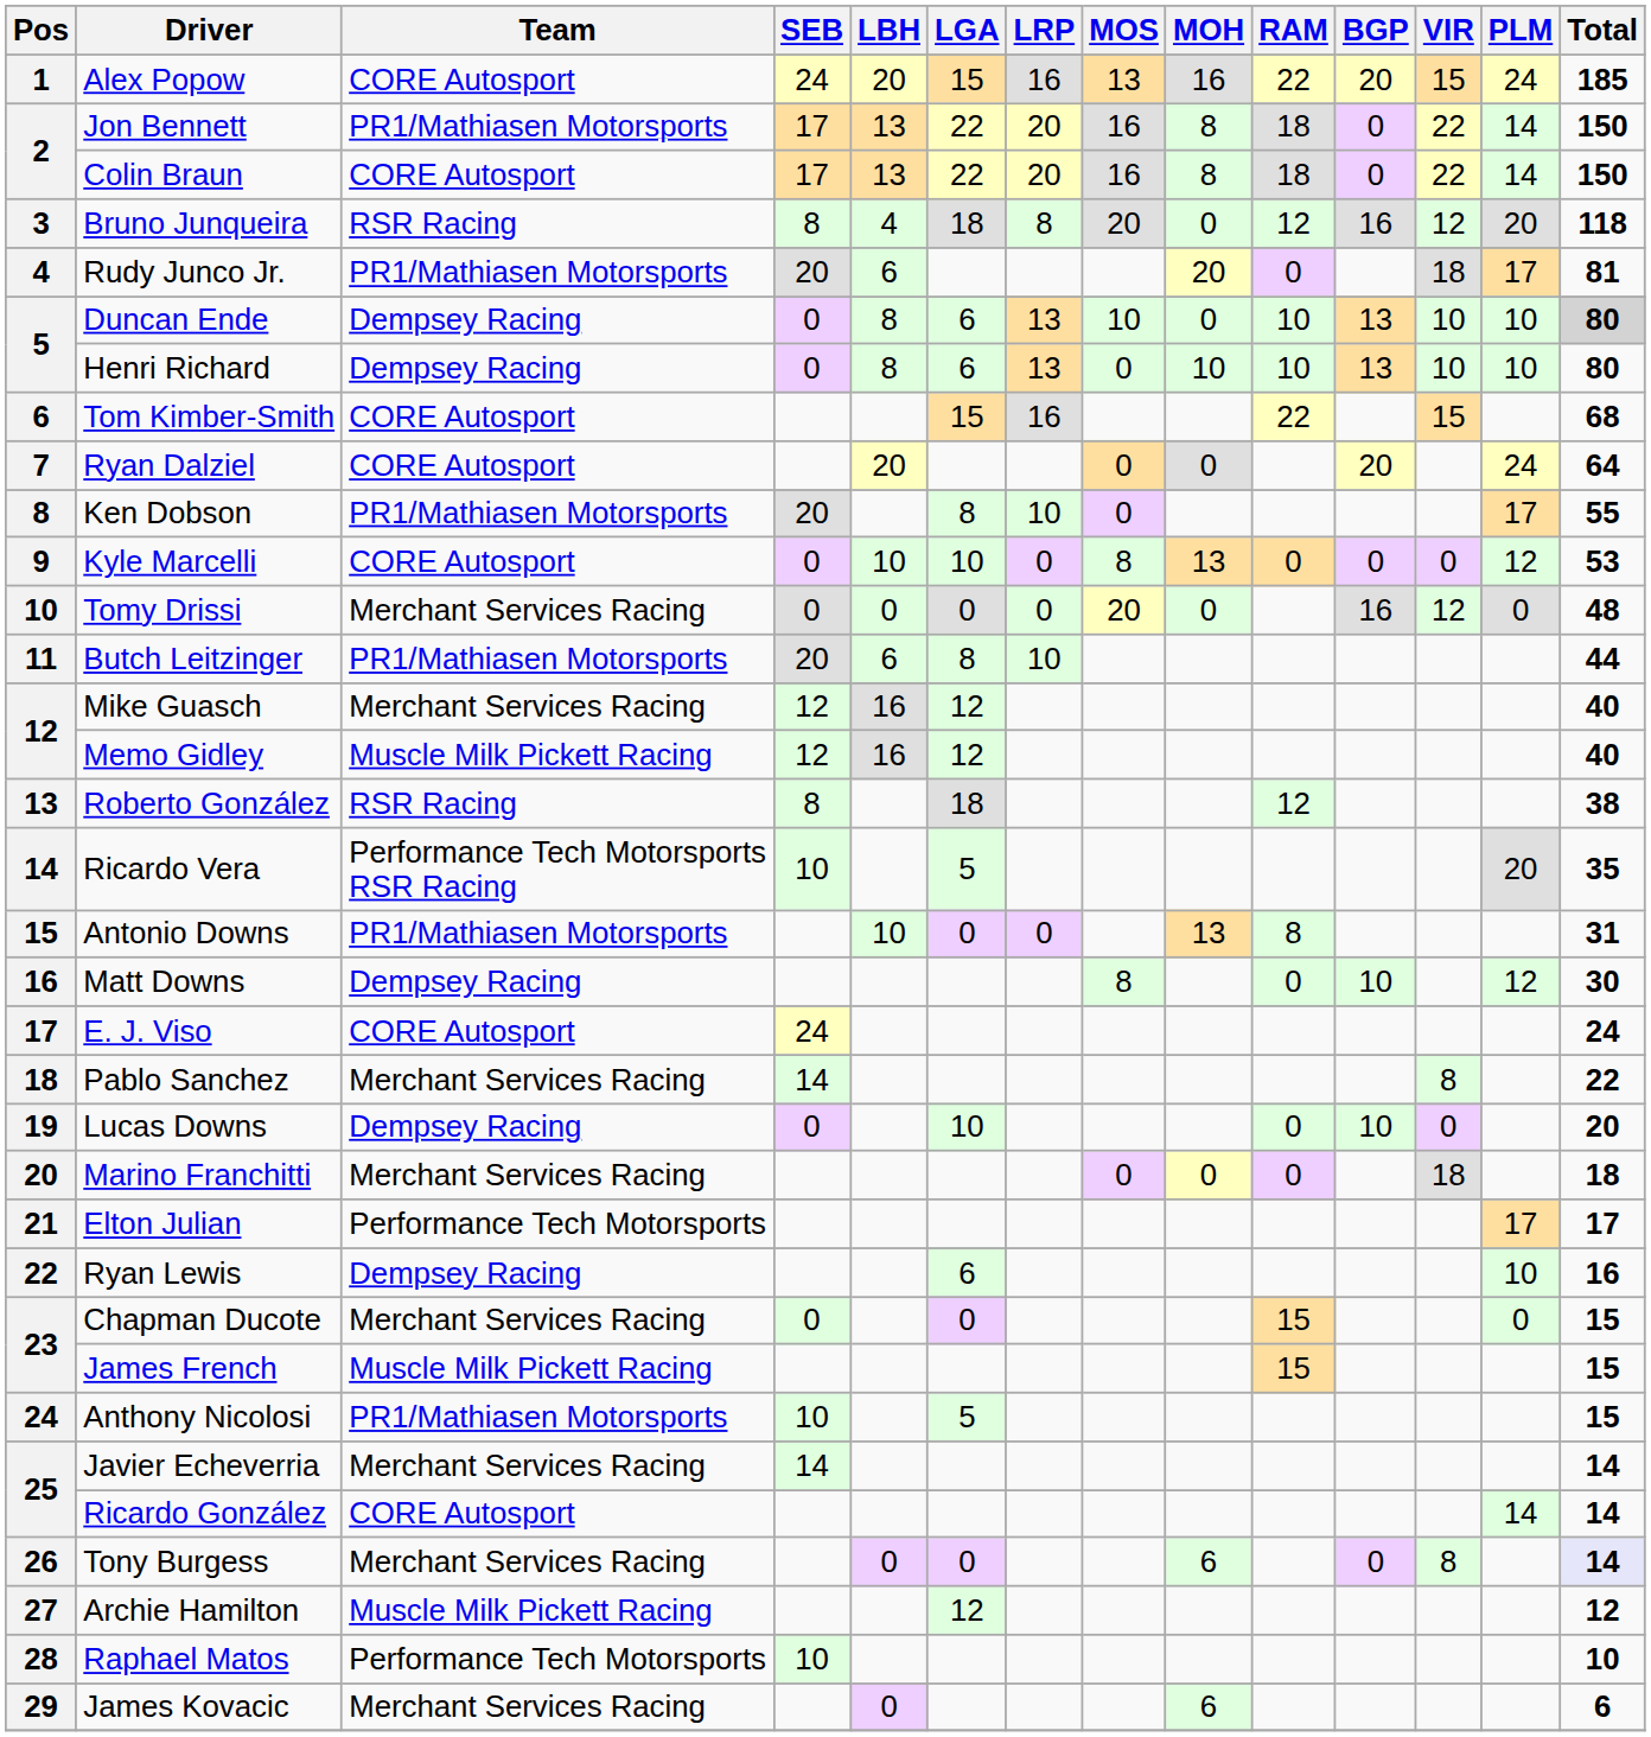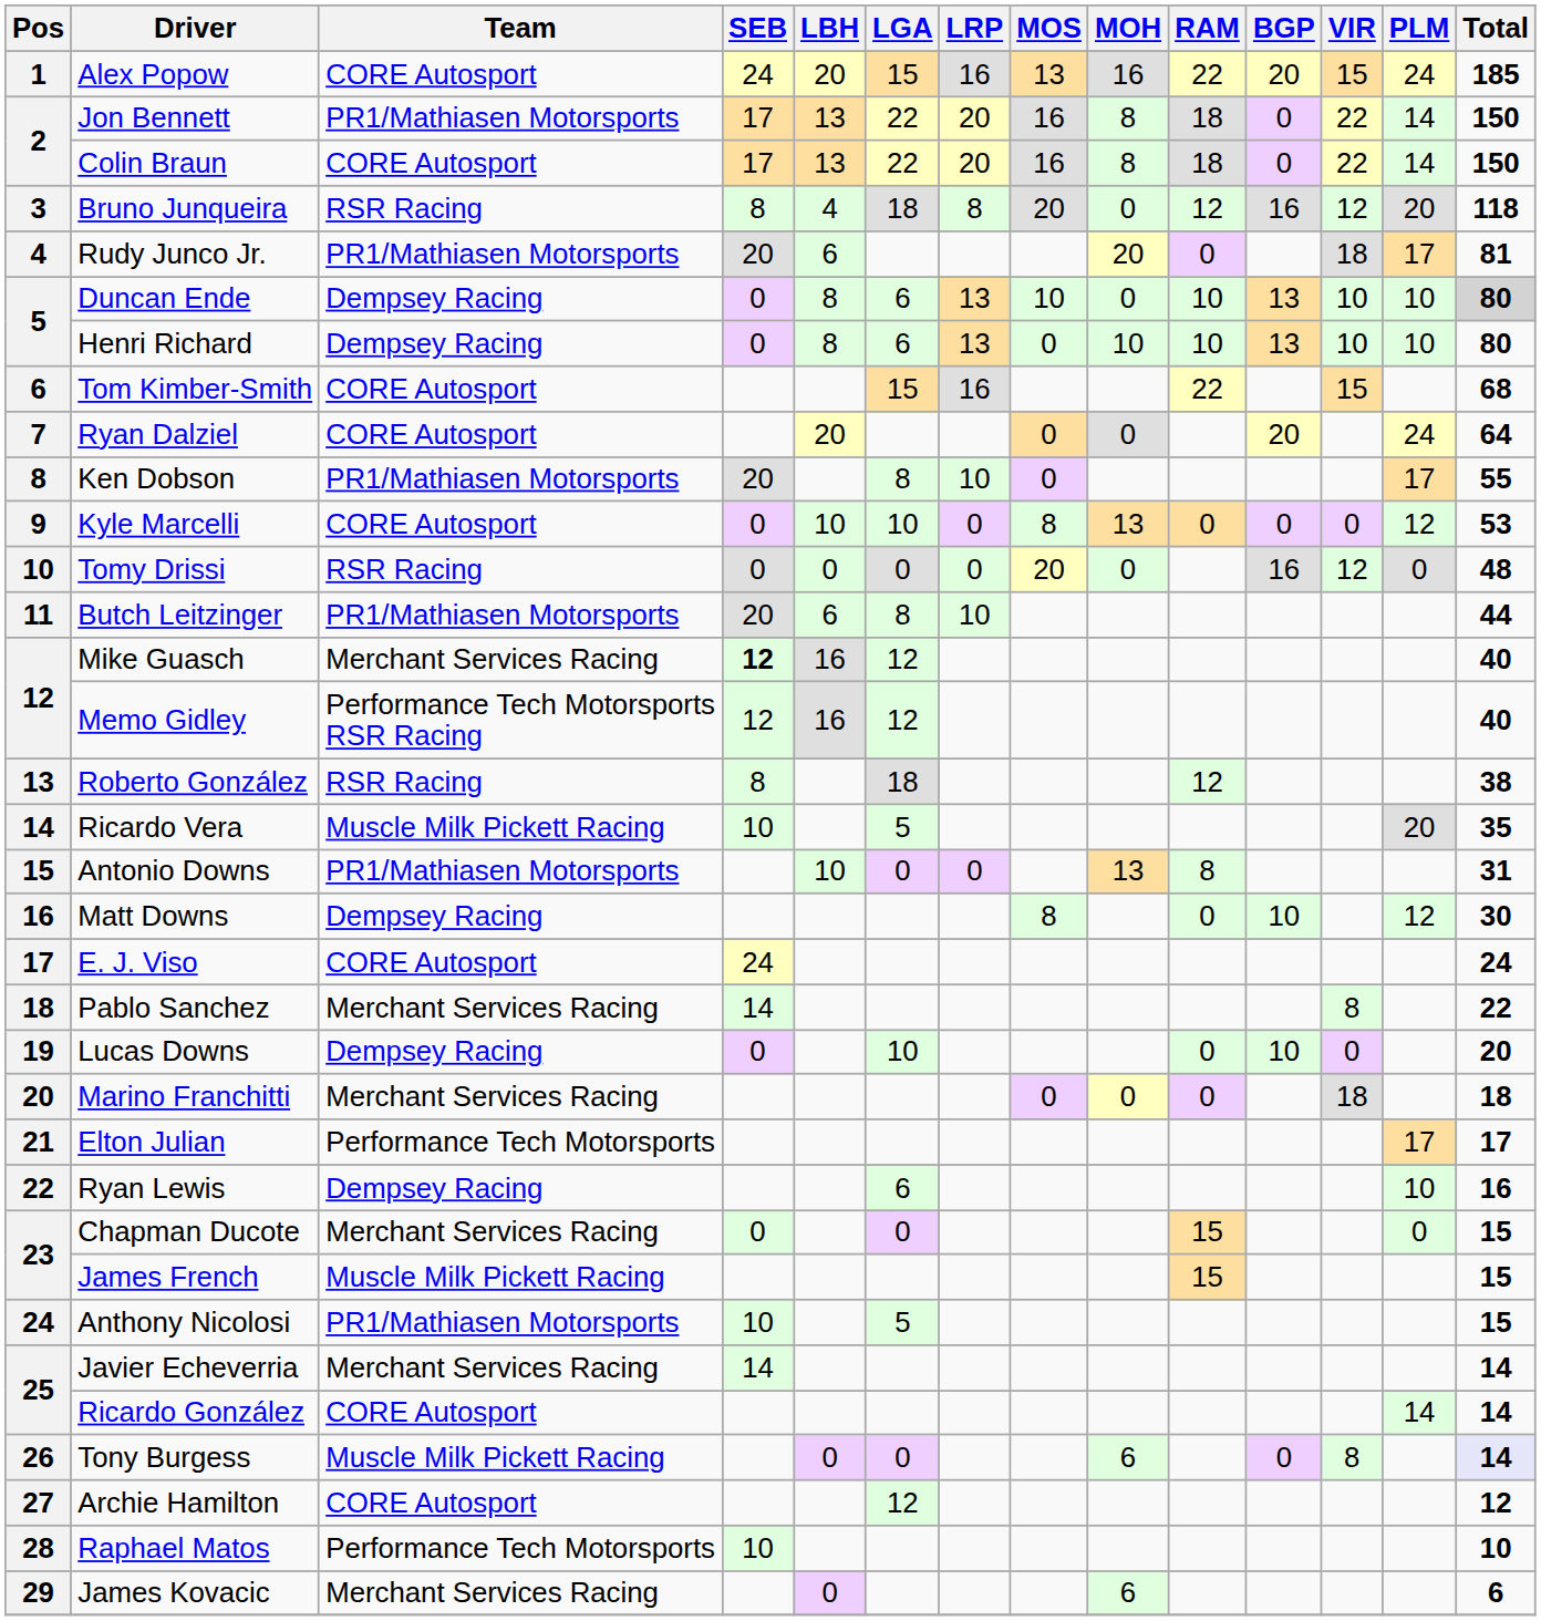 <table class="wikitable" style="font-size: 90%; text-align:center;">
 <tr>
 <th>Pos</th>
 <th>Driver</th>
 <th>Team</th>
 <th><a href='#'>SEB</a></th>
 <th><a href='#'>LBH</a></th>
 <th><a href='#'>LGA</a></th>
 <th><a href='#'>LRP</a></th>
 <th><a href='#'>MOS</a></th>
 <th><a href='#'>MOH</a></th>
 <th><a href='#'>RAM</a></th>
 <th><a href='#'>BGP</a></th>
 <th><a href='#'>VIR</a></th>
 <th><a href='#'>PLM</a></th>
 <th>Total</th>
 </tr>
 <tr>
 <th>1</th>
 <td align=left> <a href='#'>Alex Popow</a></td>
 <td align=left> <a href='#'>CORE Autosport</a></td>
 <td style="background:#FFFFBF;”">24</td>
 <td style="background:#FFFFBF;”">20</td>
 <td style="background:#FFDF9F;”">15</td>
 <td style="background:#DFDFDF;”">16</td>
 <td style="background:#FFDF9F;”">13</td>
 <td style="background:#DFDFDF;”">16</td>
 <td style="background:#FFFFBF;”">22</td>
 <td style="background:#FFFFBF;”">20</td>
 <td style="background:#FFDF9F;”">15</td>
 <td style="background:#FFFFBF;”">24</td>
 <td><strong>185</strong></td>
 </tr>
 <tr>
 <th rowspan=2>2</th>
 <td align=left> <a href='#'>Jon Bennett</a></td>
 <td align=left> <a href='#'>PR1/Mathiasen Motorsports</a></td>
 <td style="background:#FFDF9F;”">17</td>
 <td style="background:#FFDF9F;”">13</td>
 <td style="background:#FFFFBF;”">22</td>
 <td style="background:#FFFFBF;”">20</td>
 <td style="background:#DFDFDF;”">16</td>
 <td style="background:#DFFFDF;">8</td>
 <td style="background:#DFDFDF;”">18</td>
 <td style="background:#EFCFFF;">0</td>
 <td style="background:#FFFFBF;”">22</td>
 <td style="background:#DFFFDF;">14</td>
 <td><strong>150</strong></td>
 </tr>
 <tr>
 <td align=left> <a href='#'>Colin Braun</a></td>
 <td align=left> <a href='#'>CORE Autosport</a></td>
 <td style="background:#FFDF9F;”">17</td>
 <td style="background:#FFDF9F;”">13</td>
 <td style="background:#FFFFBF;”">22</td>
 <td style="background:#FFFFBF;”">20</td>
 <td style="background:#DFDFDF;”">16</td>
 <td style="background:#DFFFDF;">8</td>
 <td style="background:#DFDFDF;”">18</td>
 <td style="background:#EFCFFF;">0</td>
 <td style="background:#FFFFBF;”">22</td>
 <td style="background:#DFFFDF;">14</td>
 <td><strong>150</strong></td>
 </tr>
 <tr>
 <th>3</th>
 <td align=left> <a href='#'>Bruno Junqueira</a></td>
 <td align=left> <a href='#'>RSR Racing</a></td>
 <td style="background:#DFFFDF;">8</td>
 <td style="background:#DFFFDF;">4</td>
 <td style="background:#DFDFDF;”">18</td>
 <td style="background:#DFFFDF;">8</td>
 <td style="background:#DFDFDF;”">20</td>
 <td style="background:#DFFFDF;">0</td>
 <td style="background:#DFFFDF;">12</td>
 <td style="background:#DFDFDF;”">16</td>
 <td style="background:#DFFFDF;">12</td>
 <td style="background:#DFDFDF;”">20</td>
 <td><strong>118</strong></td>
 </tr>
 <tr>
 <th>4</th>
 <td align=left> Rudy Junco Jr.</td>
 <td align=left> <a href='#'>PR1/Mathiasen Motorsports</a></td>
 <td style="background:#DFDFDF;”">20</td>
 <td style="background:#DFFFDF;">6</td>
 <td></td>
 <td></td>
 <td></td>
 <td style="background:#FFFFBF;”">20</td>
 <td style="background:#EFCFFF;">0</td>
 <td></td>
 <td style="background:#DFDFDF;”">18</td>
 <td style="background:#FFDF9F;”">17</td>
 <td><strong>81</strong></td>
 </tr>
 <tr>
 <th rowspan=2>5</th>
 <td align=left> <a href='#'>Duncan Ende</a></td>
 <td align=left> <a href='#'>Dempsey Racing</a></td>
 <td style="background:#EFCFFF;">0</td>
 <td style="background:#DFFFDF;">8</td>
 <td style="background:#DFFFDF;">6</td>
 <td style="background:#FFDF9F;”">13</td>
 <td style="background:#DFFFDF;">10</td>
 <td style="background:#DFFFDF;">0</td>
 <td style="background:#DFFFDF;">10</td>
 <td style="background:#FFDF9F;”">13</td>
 <td style="background:#DFFFDF;">10</td>
 <td style="background:#DFFFDF;">10</td>
 <td style="background: lightgrey;"><strong>80</strong></td>
 </tr>
 <tr>
 <td align=left> Henri Richard</td>
 <td align=left> <a href='#'>Dempsey Racing</a></td>
 <td style="background:#EFCFFF;">0</td>
 <td style="background:#DFFFDF;">8</td>
 <td style="background:#DFFFDF;">6</td>
 <td style="background:#FFDF9F;”">13</td>
 <td style="background:#DFFFDF;">0</td>
 <td style="background:#DFFFDF;">10</td>
 <td style="background:#DFFFDF;">10</td>
 <td style="background:#FFDF9F;”">13</td>
 <td style="background:#DFFFDF;">10</td>
 <td style="background:#DFFFDF;">10</td>
 <td><strong>80</strong></td>
 </tr>
 <tr>
 <th>6</th>
 <td align=left> <a href='#'>Tom Kimber-Smith</a></td>
 <td align=left> <a href='#'>CORE Autosport</a></td>
 <td></td>
 <td></td>
 <td style="background:#FFDF9F;”">15</td>
 <td style="background:#DFDFDF;”">16</td>
 <td></td>
 <td></td>
 <td style="background:#FFFFBF;”">22</td>
 <td></td>
 <td style="background:#FFDF9F;”">15</td>
 <td></td>
 <td><strong>68</strong></td>
 </tr>
 <tr>
 <th>7</th>
 <td align=left> <a href='#'>Ryan Dalziel</a></td>
 <td align=left> <a href='#'>CORE Autosport</a></td>
 <td></td>
 <td style="background:#FFFFBF;”">20</td>
 <td></td>
 <td></td>
 <td style="background:#FFDF9F;”">0</td>
 <td style="background:#DFDFDF;”">0</td>
 <td></td>
 <td style="background:#FFFFBF;”">20</td>
 <td></td>
 <td style="background:#FFFFBF;”">24</td>
 <td><strong>64</strong></td>
 </tr>
 <tr>
 <th>8</th>
 <td align=left> Ken Dobson</td>
 <td align=left> <a href='#'>PR1/Mathiasen Motorsports</a></td>
 <td style="background:#DFDFDF;”">20</td>
 <td></td>
 <td style="background:#DFFFDF;">8</td>
 <td style="background:#DFFFDF;">10</td>
 <td style="background:#EFCFFF;">0</td>
 <td></td>
 <td></td>
 <td></td>
 <td></td>
 <td style="background:#FFDF9F;”">17</td>
 <td><strong>55</strong></td>
 </tr>
 <tr>
 <th>9</th>
 <td align=left> <a href='#'>Kyle Marcelli</a></td>
 <td align=left> <a href='#'>CORE Autosport</a></td>
 <td style="background:#EFCFFF;">0</td>
 <td style="background:#DFFFDF;">10</td>
 <td style="background:#DFFFDF;">10</td>
 <td style="background:#EFCFFF;">0</td>
 <td style="background:#DFFFDF;">8</td>
 <td style="background:#FFDF9F;”">13</td>
 <td style="background:#FFDF9F;”">0</td>
 <td style="background:#EFCFFF;">0</td>
 <td style="background:#EFCFFF;">0</td>
 <td style="background:#DFFFDF;">12</td>
 <td><strong>53</strong></td>
 </tr>
 <tr>
 <th>10</th>
 <td align=left> <a href='#'>Tomy Drissi</a></td>
-<td align=left> Merchant Services Racing</td>
+<td align=left> <a href='#'>RSR Racing</a></td>
 <td style="background:#DFDFDF;”">0</td>
 <td style="background:#DFFFDF;">0</td>
 <td style="background:#DFDFDF;”">0</td>
 <td style="background:#DFFFDF;">0</td>
 <td style="background:#FFFFBF;”">20</td>
 <td style="background:#DFFFDF;">0</td>
 <td></td>
 <td style="background:#DFDFDF;”">16</td>
 <td style="background:#DFFFDF;">12</td>
 <td style="background:#DFDFDF;”">0</td>
 <td><strong>48</strong></td>
 </tr>
 <tr>
 <th>11</th>
 <td align=left> <a href='#'>Butch Leitzinger</a></td>
 <td align=left> <a href='#'>PR1/Mathiasen Motorsports</a></td>
 <td style="background:#DFDFDF;”">20</td>
 <td style="background:#DFFFDF;">6</td>
 <td style="background:#DFFFDF;">8</td>
 <td style="background:#DFFFDF;">10</td>
 <td></td>
 <td></td>
 <td></td>
 <td></td>
 <td></td>
 <td></td>
 <td><strong>44</strong></td>
 </tr>
 <tr>
 <th rowspan=2>12</th>
 <td align=left> Mike Guasch</td>
 <td align=left> Merchant Services Racing</td>
-<td style="background:#DFFFDF;">12</td>
+<td style="background:#DFFFDF;"><strong>12</strong></td>
 <td style="background:#DFDFDF;”">16</td>
 <td style="background:#DFFFDF;">12</td>
 <td></td>
 <td></td>
 <td></td>
 <td></td>
 <td></td>
 <td></td>
 <td></td>
 <td><strong>40</strong></td>
 </tr>
 <tr>
 <td align=left> <a href='#'>Memo Gidley</a></td>
-<td align=left> <a href='#'>Muscle Milk Pickett Racing</a></td>
+<td align=left> Performance Tech Motorsports<br> <a href='#'>RSR Racing</a></td>
 <td style="background:#DFFFDF;">12</td>
 <td style="background:#DFDFDF;”">16</td>
 <td style="background:#DFFFDF;">12</td>
 <td></td>
 <td></td>
 <td></td>
 <td></td>
 <td></td>
 <td></td>
 <td></td>
 <td><strong>40</strong></td>
 </tr>
 <tr>
 <th>13</th>
 <td align=left> <a href='#'>Roberto González</a></td>
 <td align=left> <a href='#'>RSR Racing</a></td>
 <td style="background:#DFFFDF;">8</td>
 <td></td>
 <td style="background:#DFDFDF;”">18</td>
 <td></td>
 <td></td>
 <td></td>
 <td style="background:#DFFFDF;">12</td>
 <td></td>
 <td></td>
 <td></td>
 <td><strong>38</strong></td>
 </tr>
 <tr>
 <th>14</th>
 <td align=left> Ricardo Vera</td>
-<td align=left> Performance Tech Motorsports<br> <a href='#'>RSR Racing</a></td>
+<td align=left> <a href='#'>Muscle Milk Pickett Racing</a></td>
 <td style="background:#DFFFDF;">10</td>
 <td></td>
 <td style="background:#DFFFDF;">5</td>
 <td></td>
 <td></td>
 <td></td>
 <td></td>
 <td></td>
 <td></td>
 <td style="background:#DFDFDF;”">20</td>
 <td><strong>35</strong></td>
 </tr>
 <tr>
 <th>15</th>
 <td align=left> Antonio Downs</td>
 <td align=left> <a href='#'>PR1/Mathiasen Motorsports</a></td>
 <td></td>
 <td style="background:#DFFFDF;">10</td>
 <td style="background:#EFCFFF;">0</td>
 <td style="background:#EFCFFF;">0</td>
 <td></td>
 <td style="background:#FFDF9F;”">13</td>
 <td style="background:#DFFFDF;">8</td>
 <td></td>
 <td></td>
 <td></td>
 <td><strong>31</strong></td>
 </tr>
 <tr>
 <th>16</th>
 <td align=left> Matt Downs</td>
 <td align=left> <a href='#'>Dempsey Racing</a></td>
 <td></td>
 <td></td>
 <td></td>
 <td></td>
 <td style="background:#DFFFDF;">8</td>
 <td></td>
 <td style="background:#DFFFDF;">0</td>
 <td style="background:#DFFFDF;">10</td>
 <td></td>
 <td style="background:#DFFFDF;">12</td>
 <td><strong>30</strong></td>
 </tr>
 <tr>
 <th>17</th>
 <td align=left> <a href='#'>E. J. Viso</a></td>
 <td align=left> <a href='#'>CORE Autosport</a></td>
 <td style="background:#FFFFBF;”">24</td>
 <td></td>
 <td></td>
 <td></td>
 <td></td>
 <td></td>
 <td></td>
 <td></td>
 <td></td>
 <td></td>
 <td><strong>24</strong></td>
 </tr>
 <tr>
 <th>18</th>
 <td align=left> Pablo Sanchez</td>
 <td align=left> Merchant Services Racing</td>
 <td style="background:#DFFFDF;">14</td>
 <td></td>
 <td></td>
 <td></td>
 <td></td>
 <td></td>
 <td></td>
 <td></td>
 <td style="background:#DFFFDF;">8</td>
 <td></td>
 <td><strong>22</strong></td>
 </tr>
 <tr>
 <th>19</th>
 <td align=left> Lucas Downs</td>
 <td align=left> <a href='#'>Dempsey Racing</a></td>
 <td style="background:#EFCFFF;">0</td>
 <td></td>
 <td style="background:#DFFFDF;">10</td>
 <td></td>
 <td></td>
 <td></td>
 <td style="background:#DFFFDF;">0</td>
 <td style="background:#DFFFDF;">10</td>
 <td style="background:#EFCFFF;">0</td>
 <td></td>
 <td><strong>20</strong></td>
 </tr>
 <tr>
 <th>20</th>
 <td align=left> <a href='#'>Marino Franchitti</a></td>
 <td align=left> Merchant Services Racing</td>
 <td></td>
 <td></td>
 <td></td>
 <td></td>
 <td style="background:#EFCFFF;">0</td>
 <td style="background:#FFFFBF;”">0</td>
 <td style="background:#EFCFFF;">0</td>
 <td></td>
 <td style="background:#DFDFDF;”">18</td>
 <td></td>
 <td><strong>18</strong></td>
 </tr>
 <tr>
 <th>21</th>
 <td align=left> <a href='#'>Elton Julian</a></td>
 <td align=left> Performance Tech Motorsports</td>
 <td></td>
 <td></td>
 <td></td>
 <td></td>
 <td></td>
 <td></td>
 <td></td>
 <td></td>
 <td></td>
 <td style="background:#FFDF9F;”">17</td>
 <td><strong>17</strong></td>
 </tr>
 <tr>
 <th>22</th>
 <td align=left> Ryan Lewis</td>
 <td align=left> <a href='#'>Dempsey Racing</a></td>
 <td></td>
 <td></td>
 <td style="background:#DFFFDF;">6</td>
 <td></td>
 <td></td>
 <td></td>
 <td></td>
 <td></td>
 <td></td>
 <td style="background:#DFFFDF;">10</td>
 <td><strong>16</strong></td>
 </tr>
 <tr>
 <th rowspan=2>23</th>
 <td align=left> Chapman Ducote</td>
 <td align=left> Merchant Services Racing</td>
 <td style="background:#DFFFDF;">0</td>
 <td></td>
 <td style="background:#EFCFFF;">0</td>
 <td></td>
 <td></td>
 <td></td>
 <td style="background:#FFDF9F;”">15</td>
 <td></td>
 <td></td>
 <td style="background:#DFFFDF;">0</td>
 <td><strong>15</strong></td>
 </tr>
 <tr>
 <td align=left> <a href='#'>James French</a></td>
 <td align=left> <a href='#'>Muscle Milk Pickett Racing</a></td>
 <td></td>
 <td></td>
 <td></td>
 <td></td>
 <td></td>
 <td></td>
 <td style="background:#FFDF9F;”">15</td>
 <td></td>
 <td></td>
 <td></td>
 <td><strong>15</strong></td>
 </tr>
 <tr>
 <th>24</th>
 <td align=left> Anthony Nicolosi</td>
 <td align=left> <a href='#'>PR1/Mathiasen Motorsports</a></td>
 <td style="background:#DFFFDF;">10</td>
 <td></td>
 <td style="background:#DFFFDF;">5</td>
 <td></td>
 <td></td>
 <td></td>
 <td></td>
 <td></td>
 <td></td>
 <td></td>
 <td><strong>15</strong></td>
 </tr>
 <tr>
 <th rowspan=2>25</th>
 <td align=left> Javier Echeverria</td>
 <td align=left> Merchant Services Racing</td>
 <td style="background:#DFFFDF;">14</td>
 <td></td>
 <td></td>
 <td></td>
 <td></td>
 <td></td>
 <td></td>
 <td></td>
 <td></td>
 <td></td>
 <td><strong>14</strong></td>
 </tr>
 <tr>
 <td align=left> <a href='#'>Ricardo González</a></td>
 <td align=left> <a href='#'>CORE Autosport</a></td>
 <td></td>
 <td></td>
 <td></td>
 <td></td>
 <td></td>
 <td></td>
 <td></td>
 <td></td>
 <td></td>
 <td style="background:#DFFFDF;">14</td>
 <td><strong>14</strong></td>
 </tr>
 <tr>
 <th>26</th>
 <td align=left> Tony Burgess</td>
-<td align=left> Merchant Services Racing</td>
+<td align=left> <a href='#'>Muscle Milk Pickett Racing</a></td>
 <td></td>
 <td style="background:#EFCFFF;">0</td>
 <td style="background:#EFCFFF;">0</td>
 <td></td>
 <td></td>
 <td style="background:#DFFFDF;">6</td>
 <td></td>
 <td style="background:#EFCFFF;">0</td>
 <td style="background:#DFFFDF;">8</td>
 <td></td>
 <td style="background: lavender;"><strong>14</strong></td>
 </tr>
 <tr>
 <th>27</th>
 <td align=left> Archie Hamilton</td>
-<td align=left> <a href='#'>Muscle Milk Pickett Racing</a></td>
+<td align=left> <a href='#'>CORE Autosport</a></td>
 <td></td>
 <td></td>
 <td style="background:#DFFFDF;">12</td>
 <td></td>
 <td></td>
 <td></td>
 <td></td>
 <td></td>
 <td></td>
 <td></td>
 <td><strong>12</strong></td>
 </tr>
 <tr>
 <th>28</th>
 <td align=left> <a href='#'>Raphael Matos</a></td>
 <td align=left> Performance Tech Motorsports</td>
 <td style="background:#DFFFDF;">10</td>
 <td></td>
 <td></td>
 <td></td>
 <td></td>
 <td></td>
 <td></td>
 <td></td>
 <td></td>
 <td></td>
 <td><strong>10</strong></td>
 </tr>
 <tr>
 <th>29</th>
 <td align=left> James Kovacic</td>
 <td align=left> Merchant Services Racing</td>
 <td></td>
 <td style="background:#EFCFFF;">0</td>
 <td></td>
 <td></td>
 <td></td>
 <td style="background:#DFFFDF;">6</td>
 <td></td>
 <td></td>
 <td></td>
 <td></td>
 <td><strong>6</strong></td>
 </tr>
 <tr>
 </tr>
 </table>
